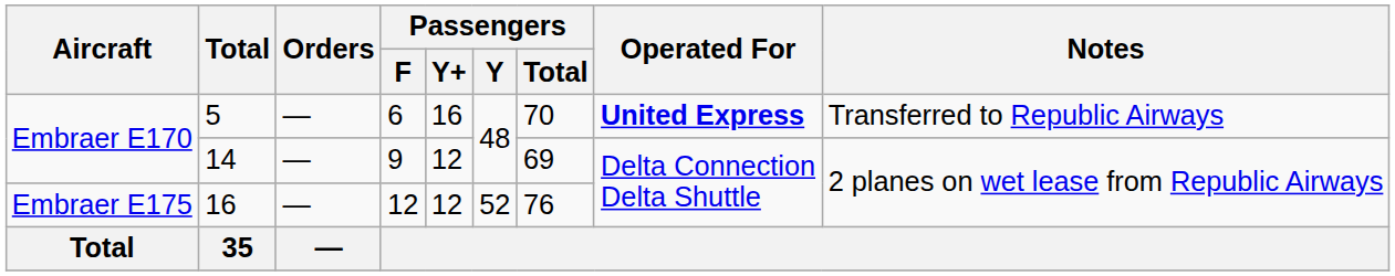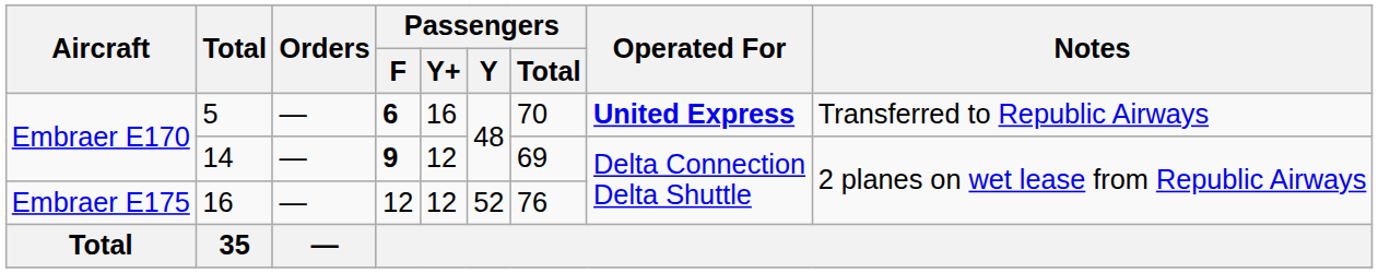 <table class="wikitable" style="margin:1em auto;">
 <tr>
 <th rowspan=2>Aircraft</th>
 <th rowspan=2>Total</th>
 <th rowspan=2>Orders</th>
 <th colspan=4>Passengers</th>
 <th rowspan=2>Operated For</th>
 <th rowspan=2>Notes</th>
 </tr>
 <tr>
 <th><abbr>F</abbr></th>
 <th><abbr>Y+</abbr></th>
 <th><abbr>Y</abbr></th>
 <th>Total</th>
 </tr>
 <tr>
 <td rowspan=2><a href='#'>Embraer E170</a></td>
 <td>5</td>
 <td>—</td>
-<td>6</td>
+<td><strong>6</strong></td>
 <td>16</td>
 <td rowspan="2">48</td>
 <td>70</td>
 <td><strong><a href='#'>United Express</a></strong></td>
 <td>Transferred to <a href='#'>Republic Airways</a></td>
 </tr>
 <tr>
 <td>14</td>
 <td>—</td>
-<td>9</td>
+<td><strong>9</strong></td>
 <td>12</td>
 <td>69</td>
 <td rowspan="2"><a href='#'>Delta Connection</a><br><a href='#'>Delta Shuttle</a></td>
 <td rowspan="2">2 planes on <a href='#'>wet lease</a> from <a href='#'>Republic Airways</a></td>
 </tr>
 <tr>
 <td><a href='#'>Embraer E175</a></td>
 <td>16</td>
 <td>—</td>
 <td>12</td>
 <td>12</td>
 <td>52</td>
 <td>76</td>
 </tr>
 <tr>
 <th>Total</th>
 <th>35</th>
 <th>—</th>
 <th colspan=6></th>
 </tr>
 </table>
